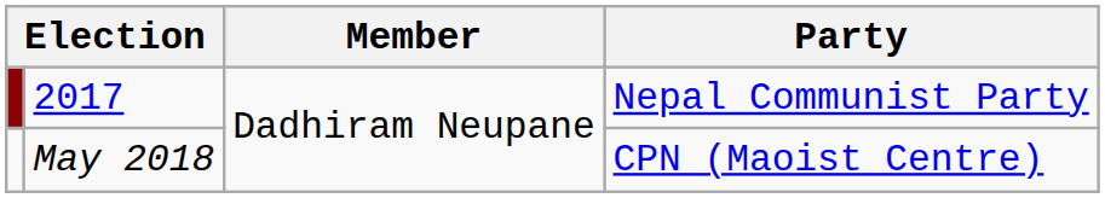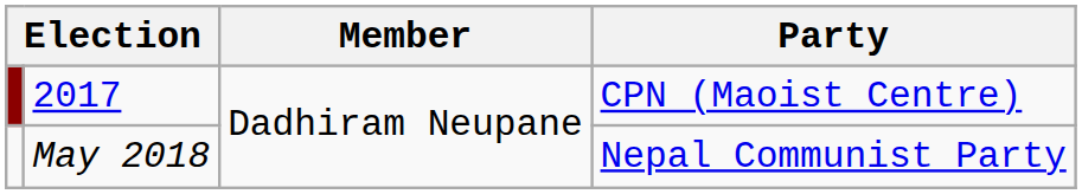 <table class="wikitable">
 <tr>
 <th colspan="2">Election</th>
 <th>Member</th>
 <th>Party</th>
 </tr>
 <tr>
 <td style="background-color:darkred"></td>
 <td><a href='#'>2017</a></td>
 <td rowspan="2">Dadhiram Neupane</td>
-<td><a href='#'>Nepal Communist Party</a></td>
+<td><a href='#'>CPN (Maoist Centre)</a></td>
 </tr>
 <tr>
 <td style="background-color:"></td>
 <td><em>May 2018</em></td>
-<td><a href='#'>CPN (Maoist Centre)</a></td>
+<td><a href='#'>Nepal Communist Party</a></td>
 </tr>
 </table>
